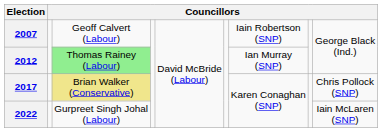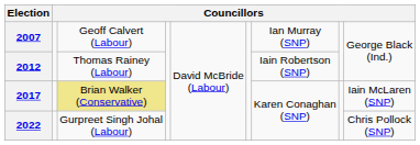 <table class="wikitable" style="text-align:center">
 <tr>
 <th>Election</th>
 <th colspan=8>Councillors</th>
 </tr>
 <tr>
 <th><a href='#'>2007</a></th>
 <td rowspan=2; style="background-color: "></td>
 <td rowspan=1>Geoff Calvert<br>(<a href='#'>Labour</a>)</td>
 <td rowspan=4; style="background-color: "></td>
 <td rowspan=4>David McBride<br>(<a href='#'>Labour</a>)</td>
 <td rowspan=4; style="background-color: "></td>
-<td rowspan=1>Iain Robertson<br>(<a href='#'>SNP</a>)</td>
+<td rowspan=1>Ian Murray<br>(<a href='#'>SNP</a>)</td>
 <td rowspan=2; style="background-color: "></td>
 <td rowspan=2>George Black<br>(Ind.)</td>
 </tr>
 <tr>
 <th><a href='#'>2012</a></th>
-<td rowspan=1 style="background: lightgreen;">Thomas Rainey<br>(<a href='#'>Labour</a>)</td>
-<td rowspan=1>Ian Murray<br>(<a href='#'>SNP</a>)</td>
+<td rowspan=1>Thomas Rainey<br>(<a href='#'>Labour</a>)</td>
+<td rowspan=1>Iain Robertson<br>(<a href='#'>SNP</a>)</td>
 </tr>
 <tr>
 <th><a href='#'>2017</a></th>
 <td rowspan=1; style="background-color: "></td>
 <td rowspan=1 style="background: khaki;">Brian Walker<br>(<a href='#'>Conservative</a>)</td>
 <td rowspan=2>Karen Conaghan<br>(<a href='#'>SNP</a>)</td>
 <td rowspan=2; style="background-color: "></td>
-<td rowspan=1>Chris Pollock<br>(<a href='#'>SNP</a>)</td>
+<td rowspan=1>Iain McLaren<br>(<a href='#'>SNP</a>)</td>
 </tr>
 <tr>
 <th><a href='#'>2022</a></th>
 <td rowspan=1; style="background-color: "></td>
 <td rowspan=1>Gurpreet Singh Johal<br>(<a href='#'>Labour</a>)</td>
-<td rowspan=1>Iain McLaren<br>(<a href='#'>SNP</a>)</td>
+<td rowspan=1>Chris Pollock<br>(<a href='#'>SNP</a>)</td>
 </tr>
 </table>
